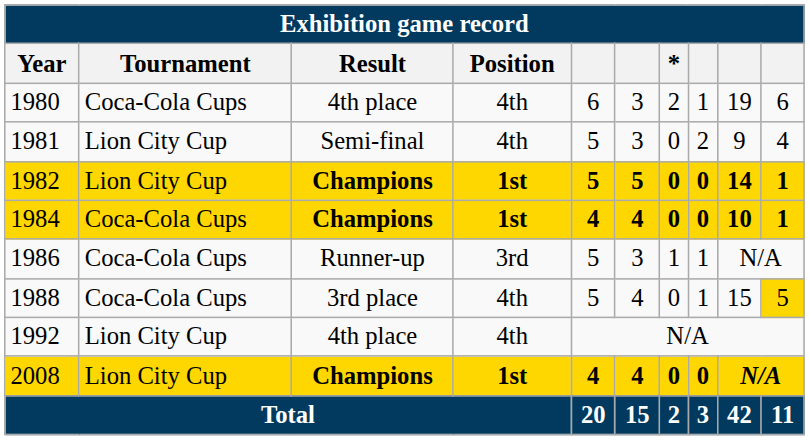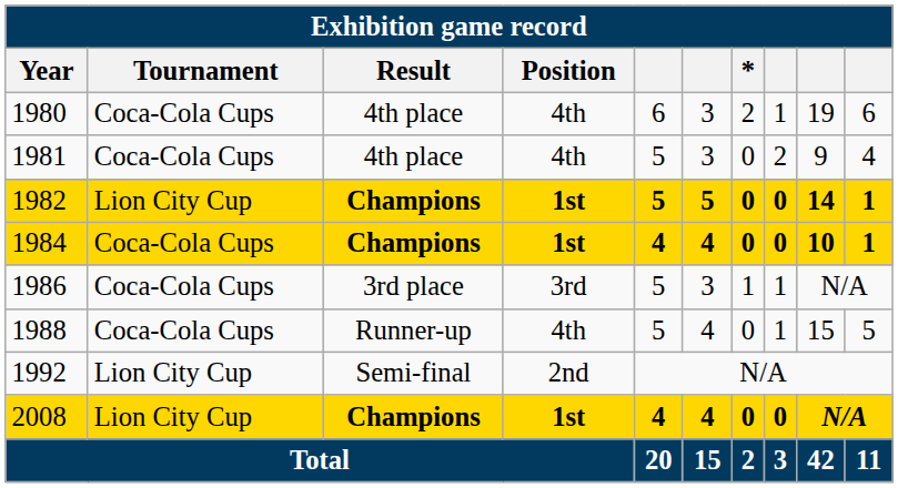 <table class="wikitable" style="text-align: center; width: 520px;">
 <tr>
 <th colspan=10 style="background: #013A5E; color: #FFFFFF;">Exhibition game record</th>
 </tr>
 <tr>
 <th>Year</th>
 <th>Tournament</th>
 <th>Result</th>
 <th>Position</th>
 <th></th>
 <th></th>
 <th>*</th>
 <th></th>
 <th></th>
 <th></th>
 </tr>
 <tr>
 <td style="text-align: left">1980</td>
 <td style="text-align: left"> Coca-Cola Cups</td>
 <td>4th place</td>
 <td>4th</td>
 <td>6</td>
 <td>3</td>
 <td>2</td>
 <td>1</td>
 <td>19</td>
 <td>6</td>
 </tr>
 <tr>
 <td style="text-align: left">1981</td>
-<td style="text-align: left"> Lion City Cup</td>
-<td>Semi-final</td>
+<td style="text-align: left"> Coca-Cola Cups</td>
+<td>4th place</td>
 <td>4th</td>
 <td>5</td>
 <td>3</td>
 <td>0</td>
 <td>2</td>
 <td>9</td>
 <td>4</td>
 </tr>
 <tr bgcolor=gold>
 <td style="text-align: left">1982</td>
 <td style="text-align: left"> Lion City Cup</td>
 <td><strong>Champions</strong></td>
 <td><strong>1st</strong></td>
 <td><strong>5</strong></td>
 <td><strong>5</strong></td>
 <td><strong>0</strong></td>
 <td><strong>0</strong></td>
 <td><strong>14</strong></td>
 <td><strong>1</strong></td>
 </tr>
 <tr bgcolor=gold>
 <td style="text-align: left">1984</td>
 <td style="text-align: left"> Coca-Cola Cups</td>
 <td><strong>Champions</strong></td>
 <td><strong>1st</strong></td>
 <td><strong>4</strong></td>
 <td><strong>4</strong></td>
 <td><strong>0</strong></td>
 <td><strong>0</strong></td>
 <td><strong>10</strong></td>
 <td><strong>1</strong></td>
 </tr>
 <tr>
 <td style="text-align: left">1986</td>
 <td style="text-align: left"> Coca-Cola Cups</td>
-<td>Runner-up</td>
+<td>3rd place</td>
 <td>3rd</td>
 <td>5</td>
 <td>3</td>
 <td>1</td>
 <td>1</td>
 <td colspan=2>N/A</td>
 </tr>
 <tr>
 <td style="text-align: left">1988</td>
 <td style="text-align: left"> Coca-Cola Cups</td>
-<td>3rd place</td>
+<td>Runner-up</td>
 <td>4th</td>
 <td>5</td>
 <td>4</td>
 <td>0</td>
 <td>1</td>
 <td>15</td>
-<td style="background: gold;">5</td>
+<td>5</td>
 </tr>
 <tr>
 <td style="text-align: left">1992</td>
 <td style="text-align: left"> Lion City Cup</td>
-<td>4th place</td>
-<td>4th</td>
+<td>Semi-final</td>
+<td>2nd</td>
 <td colspan=6>N/A</td>
 </tr>
 <tr bgcolor=gold>
 <td style="text-align: left">2008</td>
 <td style="text-align: left"> Lion City Cup</td>
 <td><strong>Champions</strong></td>
 <td><strong>1st</strong></td>
 <td><strong>4</strong></td>
 <td><strong>4</strong></td>
 <td><strong>0</strong></td>
 <td><strong>0</strong></td>
 <td colspan=2><strong><em>N/A</em></strong></td>
 </tr>
 <tr>
 <td colspan=4 style="background: #013A5E; color: #FFFFFF;"><strong>Total</strong></td>
 <td style="background: #013A5E; color: #FFFFFF;"><strong>20</strong></td>
 <td style="background: #013A5E; color: #FFFFFF;"><strong>15</strong></td>
 <td style="background: #013A5E; color: #FFFFFF;"><strong>2</strong></td>
 <td style="background: #013A5E; color: #FFFFFF;"><strong>3</strong></td>
 <td style="background: #013A5E; color: #FFFFFF;"><strong>42</strong></td>
 <td style="background: #013A5E; color: #FFFFFF;"><strong>11</strong></td>
 </tr>
 </table>
